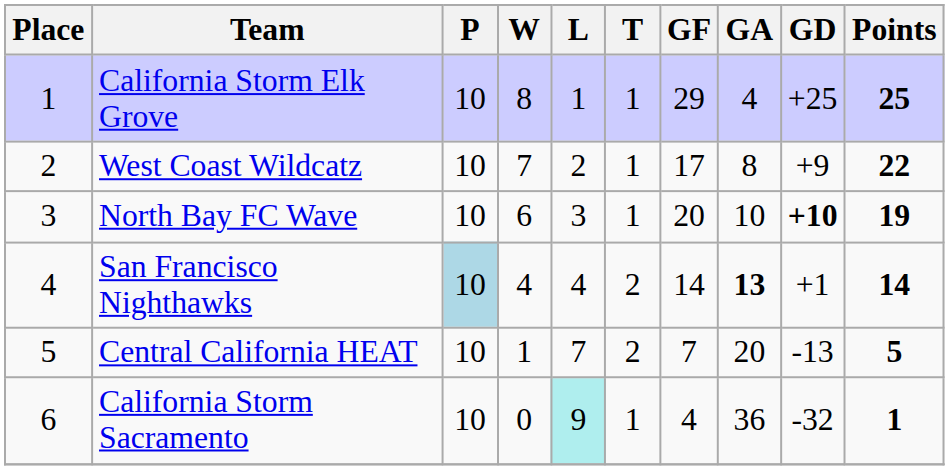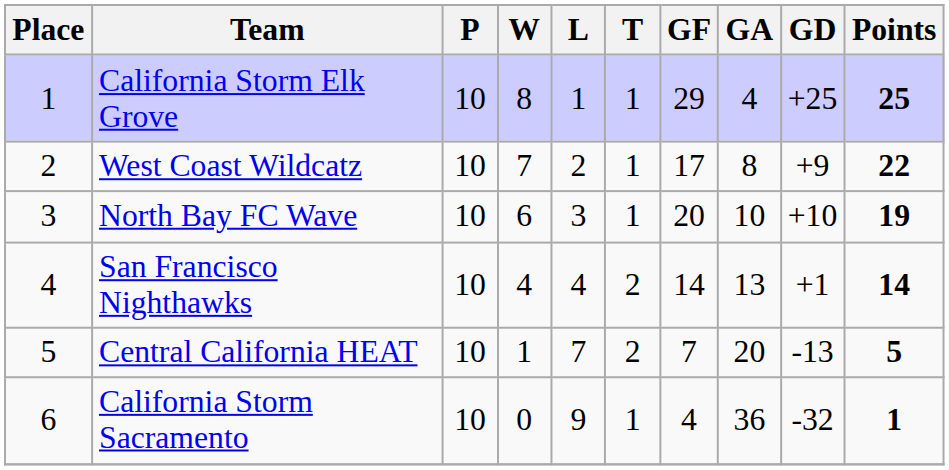 <table class="wikitable" style="text-align:center;">
 <tr>
 <th>Place</th>
 <th width="170">Team</th>
 <th width="20">P</th>
 <th width="20">W</th>
 <th width="20">L</th>
 <th width="20">T</th>
 <th width="20">GF</th>
 <th width="20">GA</th>
 <th width="25">GD</th>
 <th>Points</th>
 </tr>
 <tr bgcolor=#ccccff>
 <td>1</td>
 <td style="text-align:left;"><a href='#'>California Storm Elk Grove</a></td>
 <td>10</td>
 <td>8</td>
 <td>1</td>
 <td>1</td>
 <td>29</td>
 <td>4</td>
 <td>+25</td>
 <td><strong>25</strong></td>
 </tr>
 <tr>
 <td>2</td>
 <td style="text-align:left;"><a href='#'>West Coast Wildcatz</a></td>
 <td>10</td>
 <td>7</td>
 <td>2</td>
 <td>1</td>
 <td>17</td>
 <td>8</td>
 <td>+9</td>
 <td><strong>22</strong></td>
 </tr>
 <tr>
 <td>3</td>
 <td style="text-align:left;"><a href='#'>North Bay FC Wave</a></td>
 <td>10</td>
 <td>6</td>
 <td>3</td>
 <td>1</td>
 <td>20</td>
 <td>10</td>
-<td><strong>+10</strong></td>
+<td>+10</td>
 <td><strong>19</strong></td>
 </tr>
 <tr>
 <td>4</td>
 <td style="text-align:left;"><a href='#'>San Francisco Nighthawks</a></td>
-<td style="background: lightblue;">10</td>
+<td>10</td>
 <td>4</td>
 <td>4</td>
 <td>2</td>
 <td>14</td>
-<td><strong>13</strong></td>
+<td>13</td>
 <td>+1</td>
 <td><strong>14</strong></td>
 </tr>
 <tr>
 <td>5</td>
 <td style="text-align:left;"><a href='#'>Central California HEAT</a></td>
 <td>10</td>
 <td>1</td>
 <td>7</td>
 <td>2</td>
 <td>7</td>
 <td>20</td>
 <td>-13</td>
 <td><strong>5</strong></td>
 </tr>
 <tr>
 <td>6</td>
 <td style="text-align:left;"><a href='#'>California Storm Sacramento</a></td>
 <td>10</td>
 <td>0</td>
-<td style="background: paleturquoise;">9</td>
+<td>9</td>
 <td>1</td>
 <td>4</td>
 <td>36</td>
 <td>-32</td>
 <td><strong>1</strong></td>
 </tr>
 <tr>
 </tr>
 </table>
